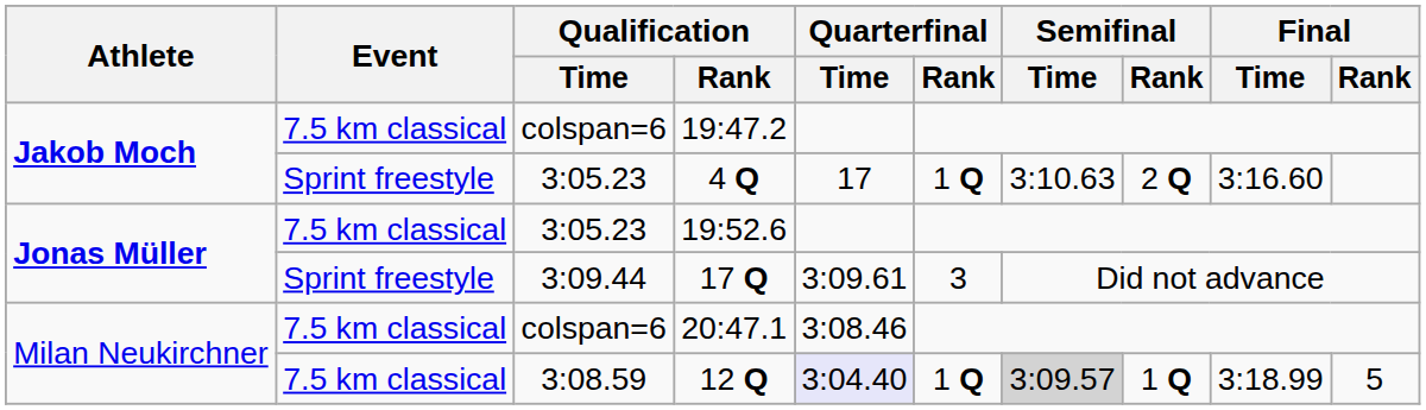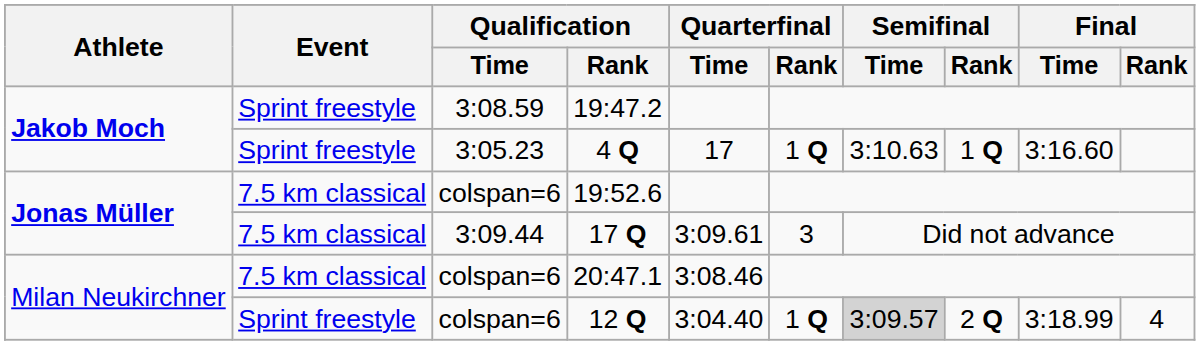 <table class="wikitable" style="font-size:90%">
 <tr>
 <th rowspan="2">Athlete</th>
 <th rowspan="2">Event</th>
 <th colspan="2">Qualification</th>
 <th colspan="2">Quarterfinal</th>
 <th colspan="2">Semifinal</th>
 <th colspan="2">Final</th>
 </tr>
 <tr style="font-size:95%">
 <th>Time</th>
 <th>Rank</th>
 <th>Time</th>
 <th>Rank</th>
 <th>Time</th>
 <th>Rank</th>
 <th>Time</th>
 <th>Rank</th>
 </tr>
 <tr align=center>
 <td align=left rowspan=2><strong><a href='#'>Jakob Moch</a></strong></td>
-<td align=left><a href='#'>7.5 km classical</a></td>
-<td>colspan=6</td>
+<td align=left><a href='#'>Sprint freestyle</a></td>
+<td>3:08.59</td>
 <td>19:47.2</td>
 <td></td>
 </tr>
 <tr align=center>
 <td align=left><a href='#'>Sprint freestyle</a></td>
 <td>3:05.23</td>
 <td>4 <strong>Q</strong></td>
 <td>17</td>
 <td>1 <strong>Q</strong></td>
 <td>3:10.63</td>
-<td>2 <strong>Q</strong></td>
+<td>1 <strong>Q</strong></td>
 <td>3:16.60</td>
 <td></td>
 </tr>
 <tr align=center>
 <td align=left rowspan=2><strong><a href='#'>Jonas Müller</a></strong></td>
 <td align=left><a href='#'>7.5 km classical</a></td>
-<td>3:05.23</td>
+<td>colspan=6</td>
 <td>19:52.6</td>
 <td></td>
 </tr>
 <tr align=center>
-<td align=left><a href='#'>Sprint freestyle</a></td>
+<td align=left><a href='#'>7.5 km classical</a></td>
 <td>3:09.44</td>
 <td>17 <strong>Q</strong></td>
 <td>3:09.61</td>
 <td>3</td>
 <td colspan=4>Did not advance</td>
 </tr>
 <tr align=center>
 <td align=left rowspan=2><a href='#'>Milan Neukirchner</a></td>
 <td align=left><a href='#'>7.5 km classical</a></td>
 <td>colspan=6</td>
 <td>20:47.1</td>
 <td>3:08.46</td>
 </tr>
 <tr align=center>
-<td align=left><a href='#'>7.5 km classical</a></td>
-<td>3:08.59</td>
+<td align=left><a href='#'>Sprint freestyle</a></td>
+<td>colspan=6</td>
 <td>12 <strong>Q</strong></td>
-<td style="background: lavender;">3:04.40</td>
+<td>3:04.40</td>
 <td>1 <strong>Q</strong></td>
 <td style="background: lightgrey;">3:09.57</td>
-<td>1 <strong>Q</strong></td>
+<td>2 <strong>Q</strong></td>
 <td>3:18.99</td>
-<td>5</td>
+<td>4</td>
 </tr>
 </table>
